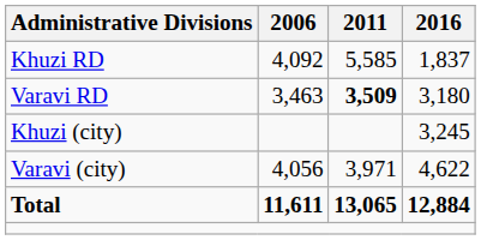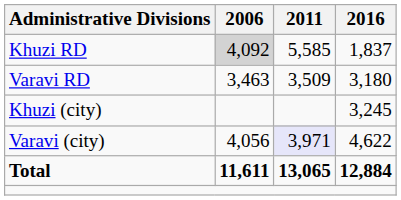 <table class="wikitable">
 <tr>
 <th>Administrative Divisions</th>
 <th>2006</th>
 <th>2011</th>
 <th>2016</th>
 </tr>
 <tr>
 <td><a href='#'>Khuzi RD</a></td>
-<td style="text-align: right;">4,092</td>
+<td style="background: lightgrey; text-align: right;">4,092</td>
 <td style="text-align: right;">5,585</td>
 <td style="text-align: right;">1,837</td>
 </tr>
 <tr>
 <td><a href='#'>Varavi RD</a></td>
 <td style="text-align: right;">3,463</td>
-<td style="text-align: right;"><strong>3,509</strong></td>
+<td style="text-align: right;">3,509</td>
 <td style="text-align: right;">3,180</td>
 </tr>
 <tr>
 <td><a href='#'>Khuzi</a> (city)</td>
 <td style="text-align: right;"></td>
 <td style="text-align: right;"></td>
 <td style="text-align: right;">3,245</td>
 </tr>
 <tr>
 <td><a href='#'>Varavi</a> (city)</td>
 <td style="text-align: right;">4,056</td>
-<td style="text-align: right;">3,971</td>
+<td style="background: lavender; text-align: right;">3,971</td>
 <td style="text-align: right;">4,622</td>
 </tr>
 <tr>
 <td><strong>Total</strong></td>
 <td style="text-align: right;"><strong>11,611</strong></td>
 <td style="text-align: right;"><strong>13,065</strong></td>
 <td style="text-align: right;"><strong>12,884</strong></td>
 </tr>
 <tr>
 <td colspan=4></td>
 </tr>
 </table>
